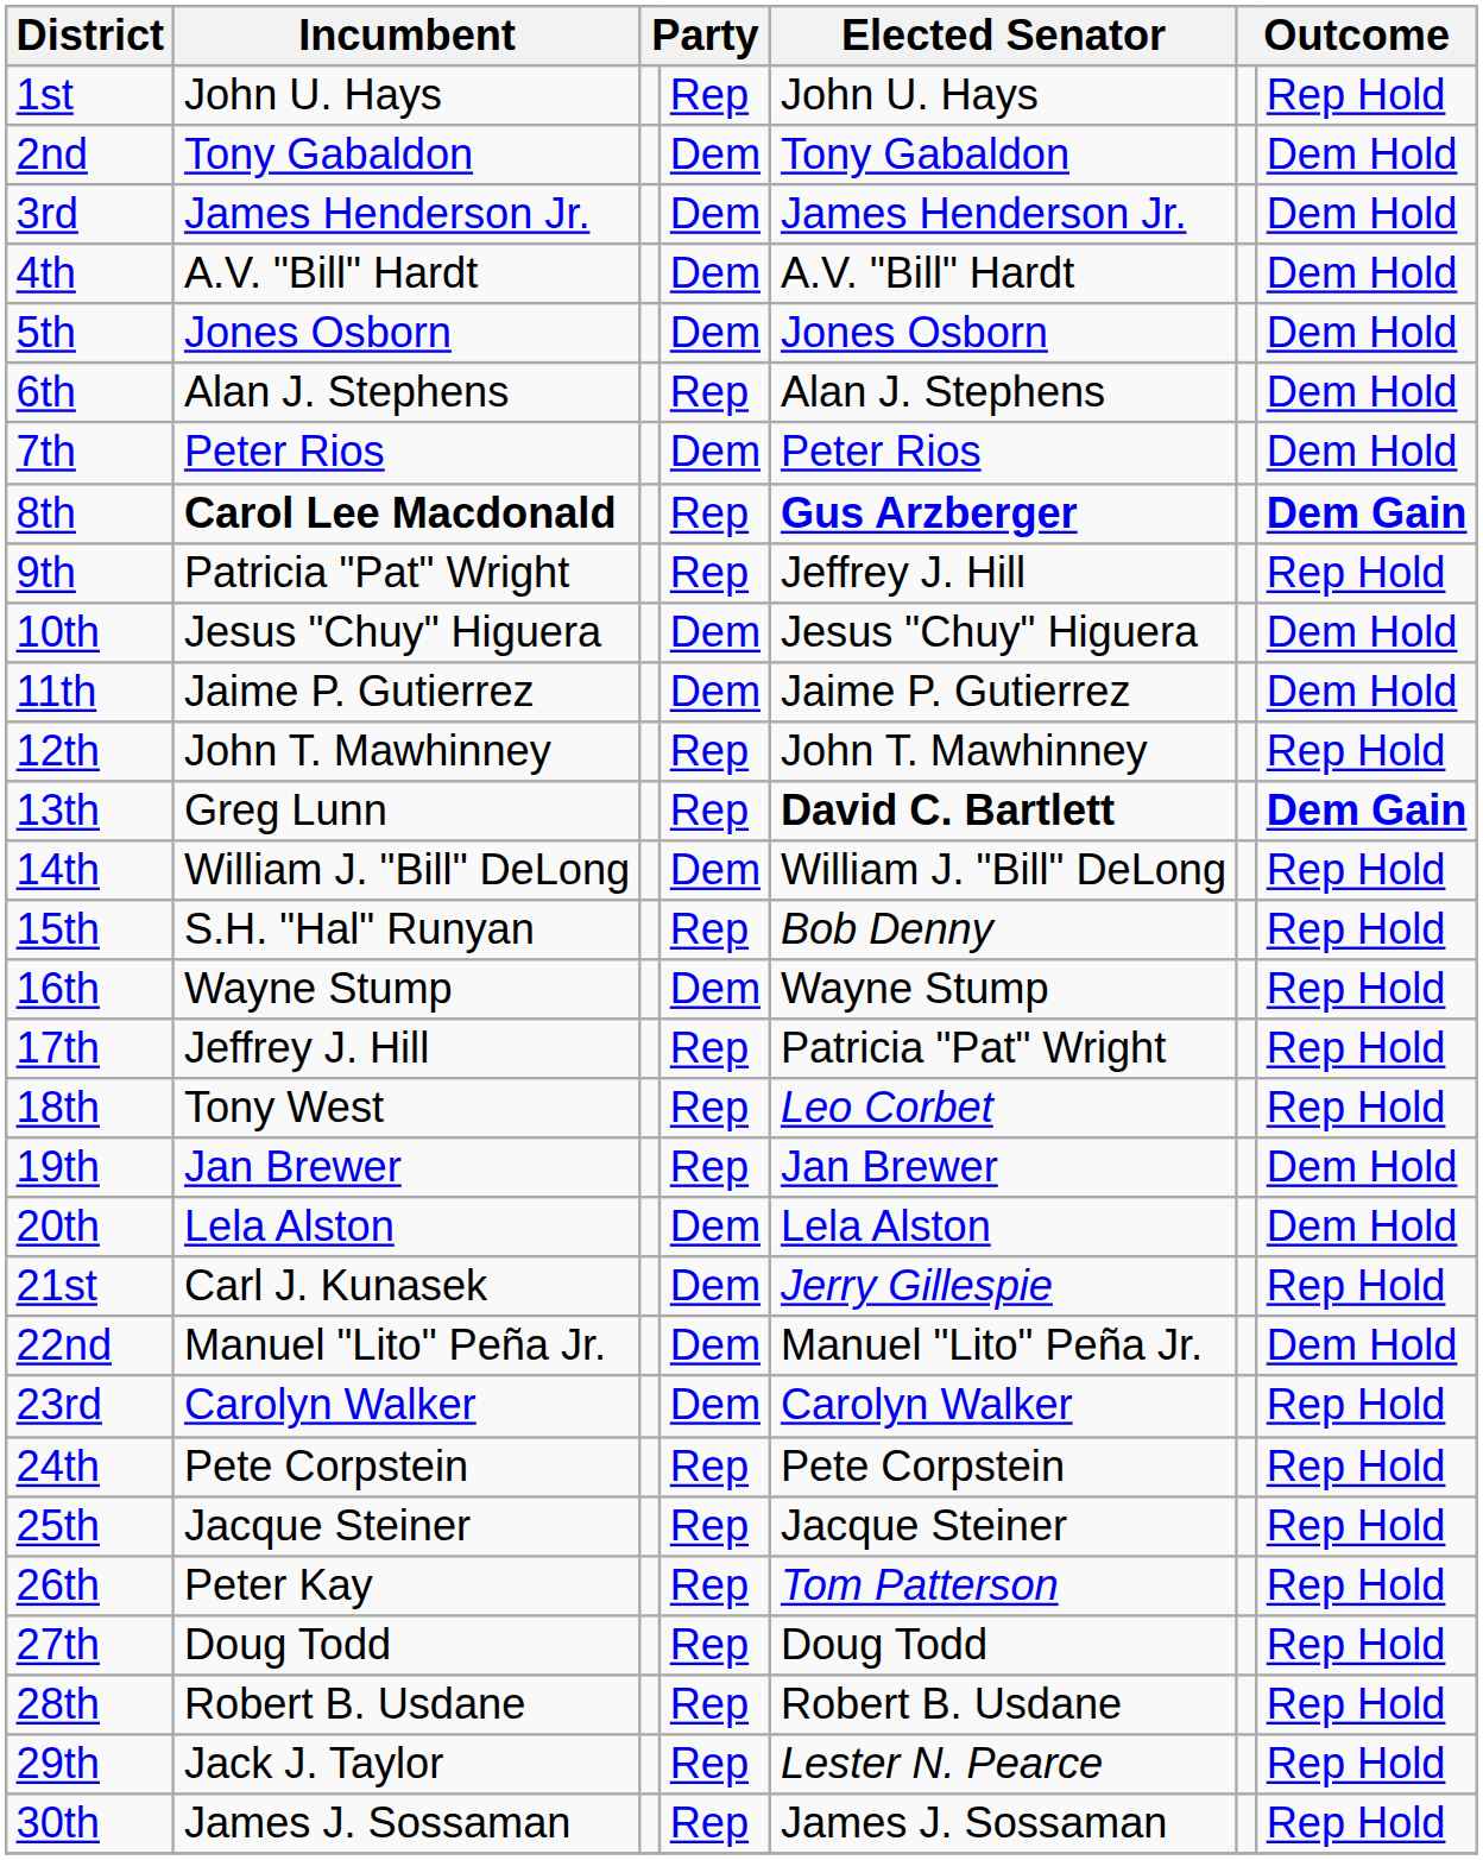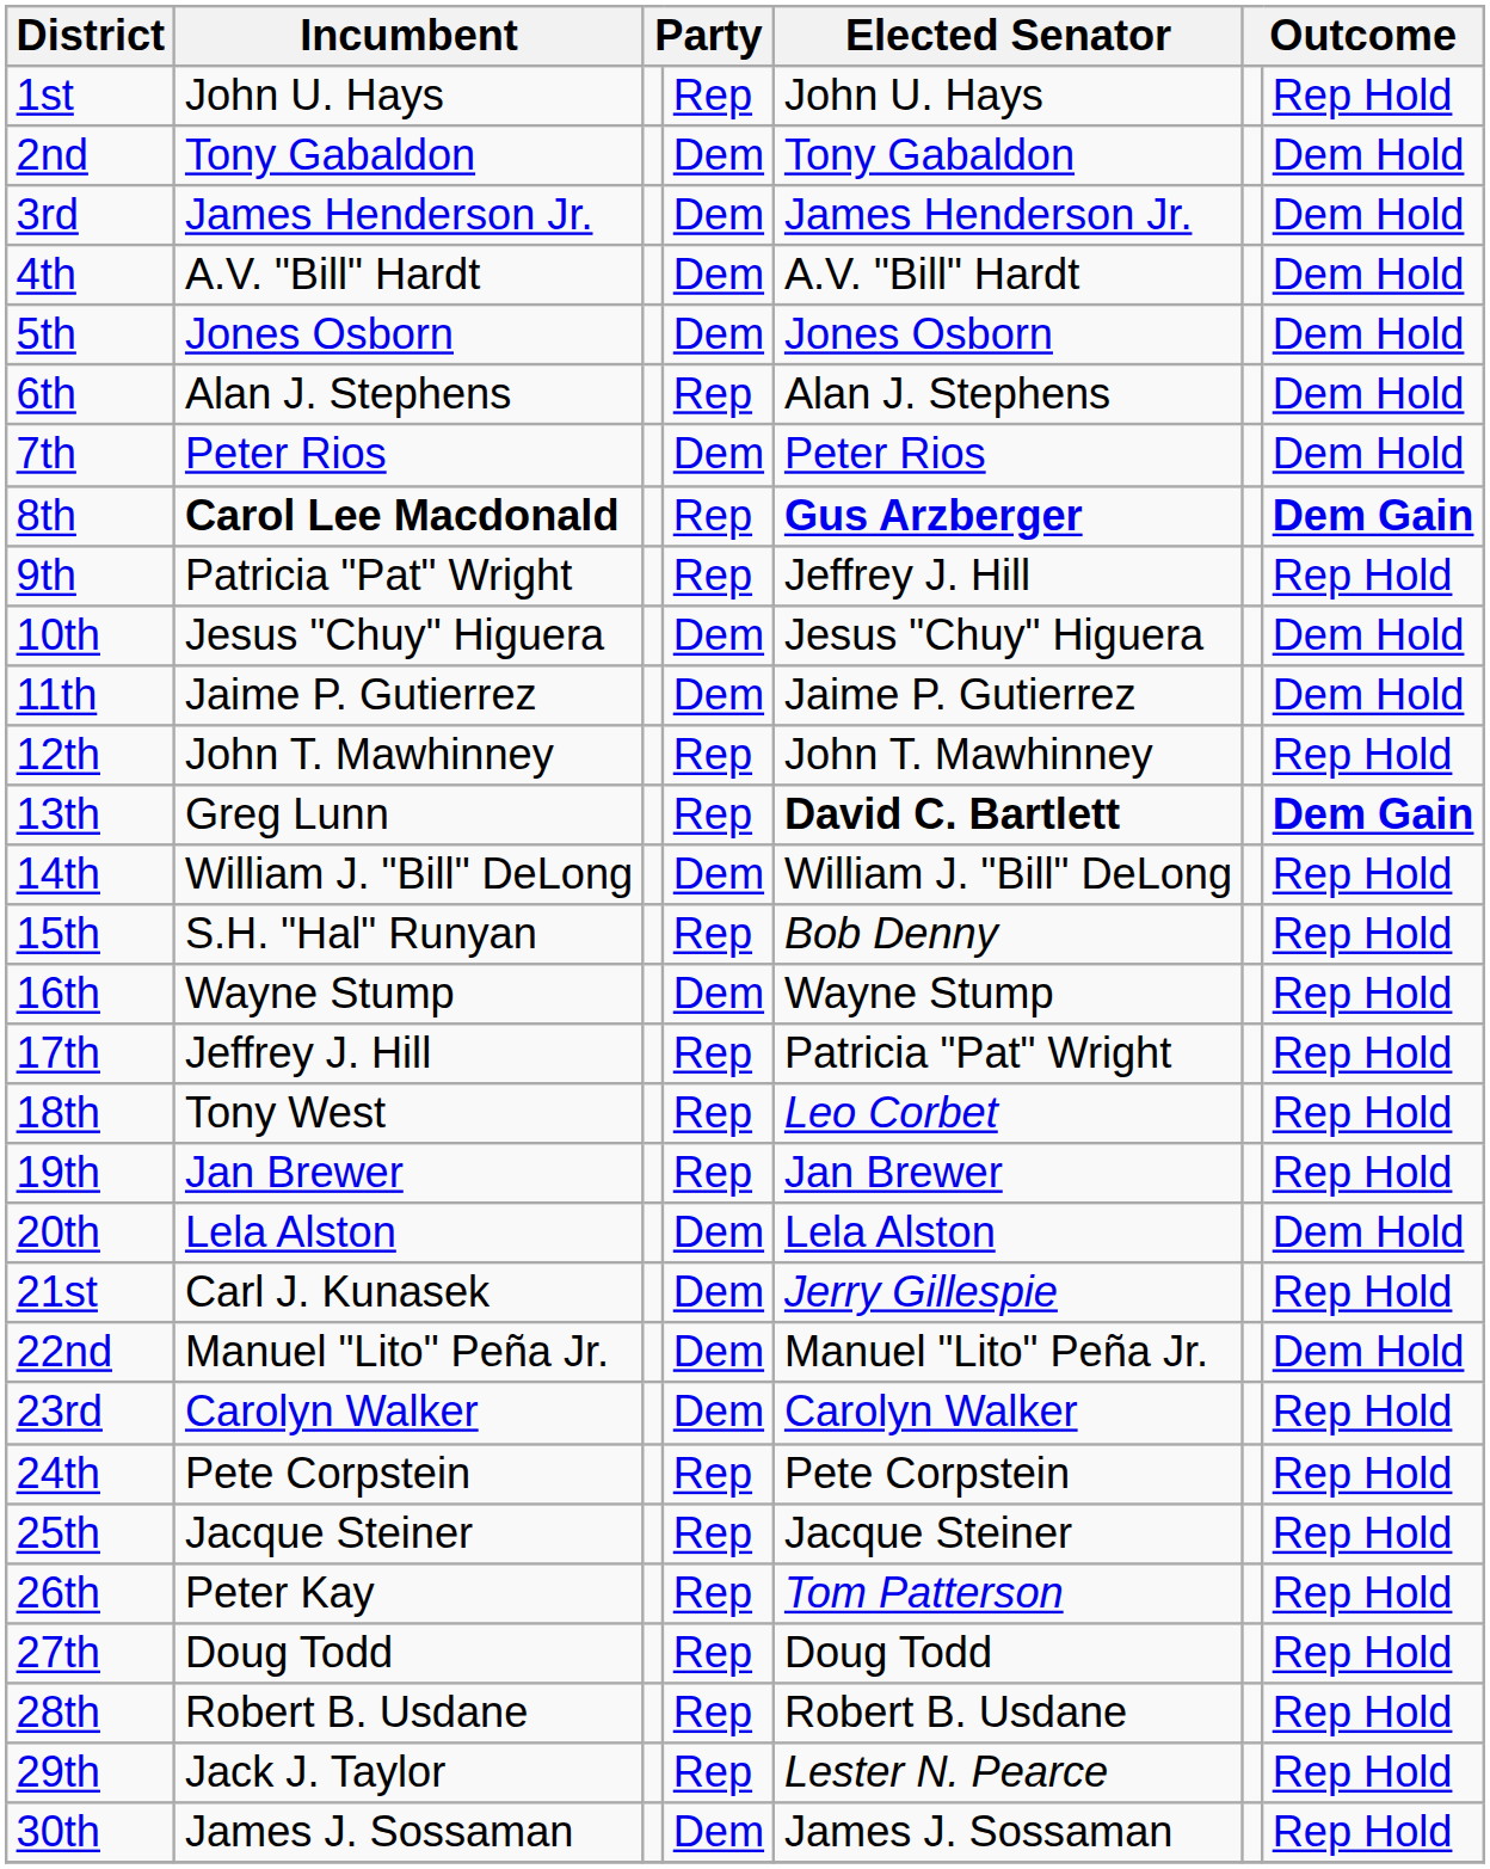 <table class="sortable wikitable" style="font-size:95%;line-height:14px;">
 <tr>
 <th>District</th>
 <th>Incumbent</th>
 <th colspan="2">Party</th>
 <th>Elected Senator</th>
 <th colspan="2">Outcome</th>
 </tr>
 <tr>
 <td><a href='#'>1st</a></td>
 <td>John U. Hays</td>
 <td style="background:"></td>
 <td><a href='#'>Rep</a></td>
 <td>John U. Hays</td>
 <td style="background:"></td>
 <td><a href='#'>Rep Hold</a></td>
 </tr>
 <tr>
 <td><a href='#'>2nd</a></td>
 <td><a href='#'>Tony Gabaldon</a></td>
 <td style="background:"></td>
 <td><a href='#'>Dem</a></td>
 <td><a href='#'>Tony Gabaldon</a></td>
 <td style="background:"></td>
 <td><a href='#'>Dem Hold</a></td>
 </tr>
 <tr>
 <td><a href='#'>3rd</a></td>
 <td><a href='#'>James Henderson Jr.</a></td>
 <td style="background:"></td>
 <td><a href='#'>Dem</a></td>
 <td><a href='#'>James Henderson Jr.</a></td>
 <td style="background:"></td>
 <td><a href='#'>Dem Hold</a></td>
 </tr>
 <tr>
 <td><a href='#'>4th</a></td>
 <td>A.V. "Bill" Hardt</td>
 <td style="background:"></td>
 <td><a href='#'>Dem</a></td>
 <td>A.V. "Bill" Hardt</td>
 <td style="background:"></td>
 <td><a href='#'>Dem Hold</a></td>
 </tr>
 <tr>
 <td><a href='#'>5th</a></td>
 <td><a href='#'>Jones Osborn</a></td>
 <td style="background:"></td>
 <td><a href='#'>Dem</a></td>
 <td><a href='#'>Jones Osborn</a></td>
 <td style="background:"></td>
 <td><a href='#'>Dem Hold</a></td>
 </tr>
 <tr>
 <td><a href='#'>6th</a></td>
 <td>Alan J. Stephens</td>
 <td style="background:"></td>
 <td><a href='#'>Rep</a></td>
 <td>Alan J. Stephens</td>
 <td style="background:"></td>
 <td><a href='#'>Dem Hold</a></td>
 </tr>
 <tr>
 <td><a href='#'>7th</a></td>
 <td><a href='#'>Peter Rios</a></td>
 <td style="background:"></td>
 <td><a href='#'>Dem</a></td>
 <td><a href='#'>Peter Rios</a></td>
 <td style="background:"></td>
 <td><a href='#'>Dem Hold</a></td>
 </tr>
 <tr>
 <td><a href='#'>8th</a></td>
 <td><strong>Carol Lee Macdonald</strong></td>
 <td style="background:"></td>
 <td><a href='#'>Rep</a></td>
 <td><strong><a href='#'>Gus Arzberger</a></strong></td>
 <td style="background:"></td>
 <td><strong><a href='#'>Dem Gain</a></strong></td>
 </tr>
 <tr>
 <td><a href='#'>9th</a></td>
 <td>Patricia "Pat" Wright</td>
 <td style="background:"></td>
 <td><a href='#'>Rep</a></td>
 <td>Jeffrey J. Hill</td>
 <td style="background:"></td>
 <td><a href='#'>Rep Hold</a></td>
 </tr>
 <tr>
 <td><a href='#'>10th</a></td>
 <td>Jesus "Chuy" Higuera</td>
 <td style="background:"></td>
 <td><a href='#'>Dem</a></td>
 <td>Jesus "Chuy" Higuera</td>
 <td style="background:"></td>
 <td><a href='#'>Dem Hold</a></td>
 </tr>
 <tr>
 <td><a href='#'>11th</a></td>
 <td>Jaime P. Gutierrez</td>
 <td style="background:"></td>
 <td><a href='#'>Dem</a></td>
 <td>Jaime P. Gutierrez</td>
 <td style="background:"></td>
 <td><a href='#'>Dem Hold</a></td>
 </tr>
 <tr>
 <td><a href='#'>12th</a></td>
 <td>John T. Mawhinney</td>
 <td style="background:"></td>
 <td><a href='#'>Rep</a></td>
 <td>John T. Mawhinney</td>
 <td style="background:"></td>
 <td><a href='#'>Rep Hold</a></td>
 </tr>
 <tr>
 <td><a href='#'>13th</a></td>
 <td>Greg Lunn</td>
 <td style="background:"></td>
 <td><a href='#'>Rep</a></td>
 <td><strong>David C. Bartlett</strong></td>
 <td style="background:"></td>
 <td><strong><a href='#'>Dem Gain</a></strong></td>
 </tr>
 <tr>
 <td><a href='#'>14th</a></td>
 <td>William J. "Bill" DeLong</td>
 <td style="background:"></td>
 <td><a href='#'>Dem</a></td>
 <td>William J. "Bill" DeLong</td>
 <td style="background:"></td>
 <td><a href='#'>Rep Hold</a></td>
 </tr>
 <tr>
 <td><a href='#'>15th</a></td>
 <td>S.H. "Hal" Runyan</td>
 <td style="background:"></td>
 <td><a href='#'>Rep</a></td>
 <td><em>Bob Denny</em></td>
 <td style="background:"></td>
 <td><a href='#'>Rep Hold</a></td>
 </tr>
 <tr>
 <td><a href='#'>16th</a></td>
 <td>Wayne Stump</td>
 <td style="background:"></td>
 <td><a href='#'>Dem</a></td>
 <td>Wayne Stump</td>
 <td style="background:"></td>
 <td><a href='#'>Rep Hold</a></td>
 </tr>
 <tr>
 <td><a href='#'>17th</a></td>
 <td>Jeffrey J. Hill</td>
 <td style="background:"></td>
 <td><a href='#'>Rep</a></td>
 <td>Patricia "Pat" Wright</td>
 <td style="background:"></td>
 <td><a href='#'>Rep Hold</a></td>
 </tr>
 <tr>
 <td><a href='#'>18th</a></td>
 <td>Tony West</td>
 <td style="background:"></td>
 <td><a href='#'>Rep</a></td>
 <td><em><a href='#'>Leo Corbet</a></em></td>
 <td style="background:"></td>
 <td><a href='#'>Rep Hold</a></td>
 </tr>
 <tr>
 <td><a href='#'>19th</a></td>
 <td><a href='#'>Jan Brewer</a></td>
 <td style="background:"></td>
 <td><a href='#'>Rep</a></td>
 <td><a href='#'>Jan Brewer</a></td>
 <td style="background:"></td>
-<td><a href='#'>Dem Hold</a></td>
+<td><a href='#'>Rep Hold</a></td>
 </tr>
 <tr>
 <td><a href='#'>20th</a></td>
 <td><a href='#'>Lela Alston</a></td>
 <td style="background:"></td>
 <td><a href='#'>Dem</a></td>
 <td><a href='#'>Lela Alston</a></td>
 <td style="background:"></td>
 <td><a href='#'>Dem Hold</a></td>
 </tr>
 <tr>
 <td><a href='#'>21st</a></td>
 <td>Carl J. Kunasek</td>
 <td style="background:"></td>
 <td><a href='#'>Dem</a></td>
 <td><em><a href='#'>Jerry Gillespie</a></em></td>
 <td style="background:"></td>
 <td><a href='#'>Rep Hold</a></td>
 </tr>
 <tr>
 <td><a href='#'>22nd</a></td>
 <td>Manuel "Lito" Peña Jr.</td>
 <td style="background:"></td>
 <td><a href='#'>Dem</a></td>
 <td>Manuel "Lito" Peña Jr.</td>
 <td style="background:"></td>
 <td><a href='#'>Dem Hold</a></td>
 </tr>
 <tr>
 <td><a href='#'>23rd</a></td>
 <td><a href='#'>Carolyn Walker</a></td>
 <td style="background:"></td>
 <td><a href='#'>Dem</a></td>
 <td><a href='#'>Carolyn Walker</a></td>
 <td style="background:"></td>
 <td><a href='#'>Rep Hold</a></td>
 </tr>
 <tr>
 <td><a href='#'>24th</a></td>
 <td>Pete Corpstein</td>
 <td style="background:"></td>
 <td><a href='#'>Rep</a></td>
 <td>Pete Corpstein</td>
 <td style="background:"></td>
 <td><a href='#'>Rep Hold</a></td>
 </tr>
 <tr>
 <td><a href='#'>25th</a></td>
 <td>Jacque Steiner</td>
 <td style="background:"></td>
 <td><a href='#'>Rep</a></td>
 <td>Jacque Steiner</td>
 <td style="background:"></td>
 <td><a href='#'>Rep Hold</a></td>
 </tr>
 <tr>
 <td><a href='#'>26th</a></td>
 <td>Peter Kay</td>
 <td style="background:"></td>
 <td><a href='#'>Rep</a></td>
 <td><em><a href='#'>Tom Patterson</a></em></td>
 <td style="background:"></td>
 <td><a href='#'>Rep Hold</a></td>
 </tr>
 <tr>
 <td><a href='#'>27th</a></td>
 <td>Doug Todd</td>
 <td style="background:"></td>
 <td><a href='#'>Rep</a></td>
 <td>Doug Todd</td>
 <td style="background:"></td>
 <td><a href='#'>Rep Hold</a></td>
 </tr>
 <tr>
 <td><a href='#'>28th</a></td>
 <td>Robert B. Usdane</td>
 <td style="background:"></td>
 <td><a href='#'>Rep</a></td>
 <td>Robert B. Usdane</td>
 <td style="background:"></td>
 <td><a href='#'>Rep Hold</a></td>
 </tr>
 <tr>
 <td><a href='#'>29th</a></td>
 <td>Jack J. Taylor</td>
 <td style="background:"></td>
 <td><a href='#'>Rep</a></td>
 <td><em>Lester N. Pearce</em></td>
 <td style="background:"></td>
 <td><a href='#'>Rep Hold</a></td>
 </tr>
 <tr>
 <td><a href='#'>30th</a></td>
 <td>James J. Sossaman</td>
 <td style="background:"></td>
-<td><a href='#'>Rep</a></td>
+<td><a href='#'>Dem</a></td>
 <td>James J. Sossaman</td>
 <td style="background:"></td>
 <td><a href='#'>Rep Hold</a></td>
 </tr>
 <tr>
 </tr>
 </table>
